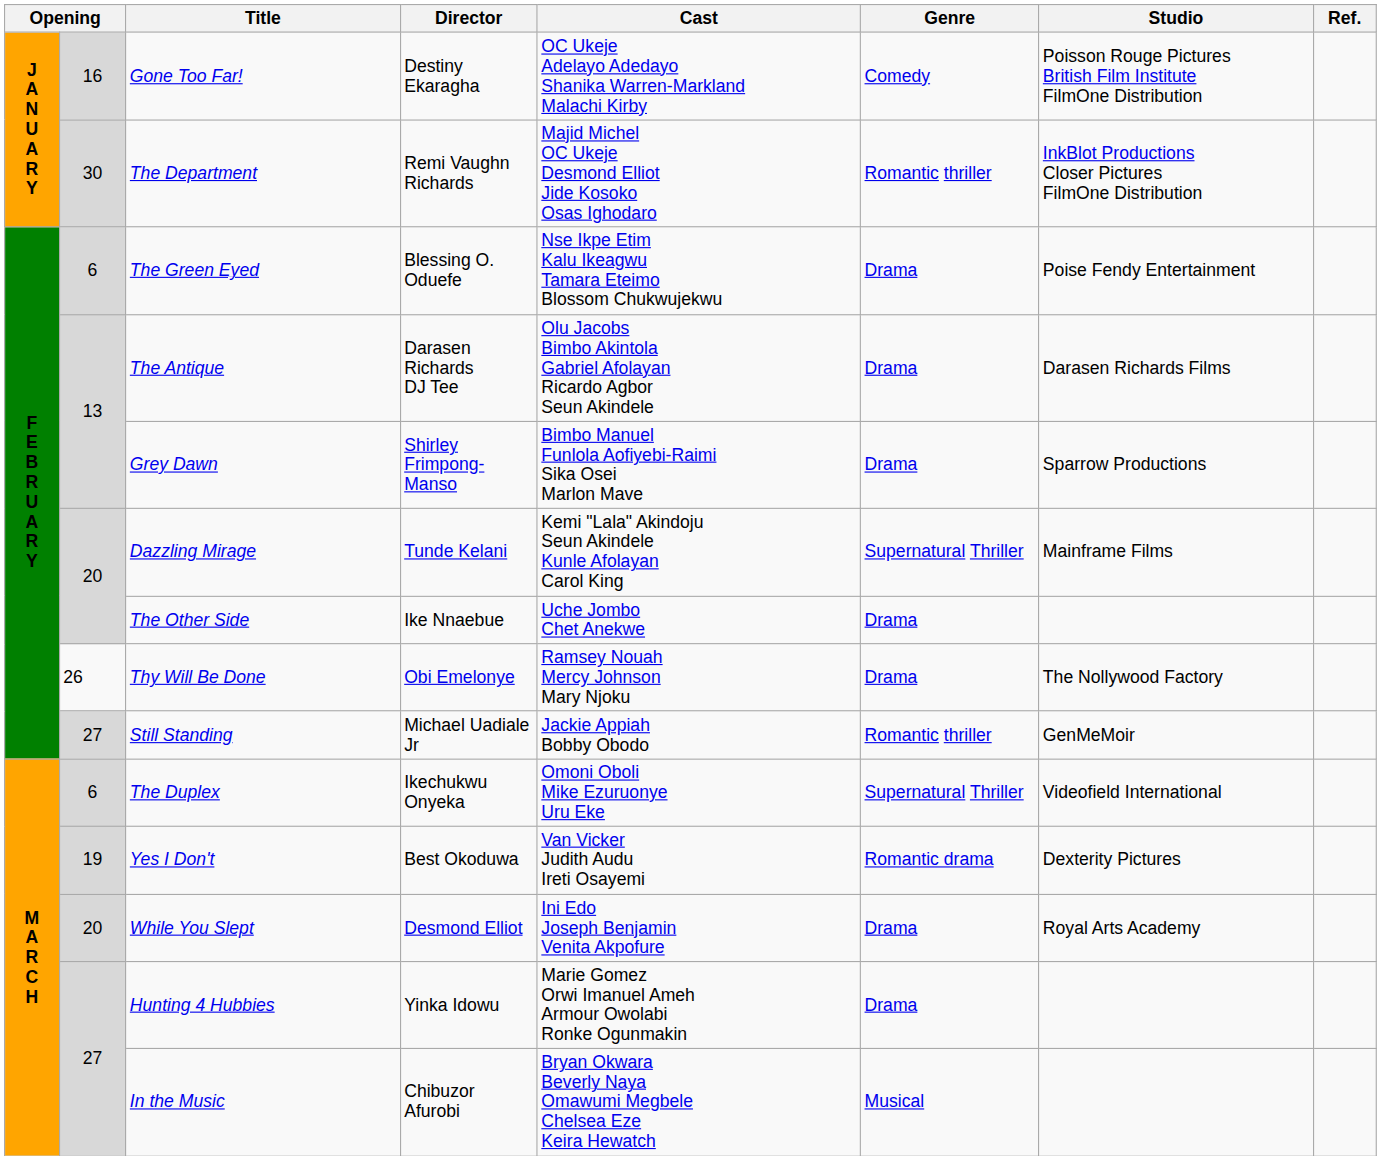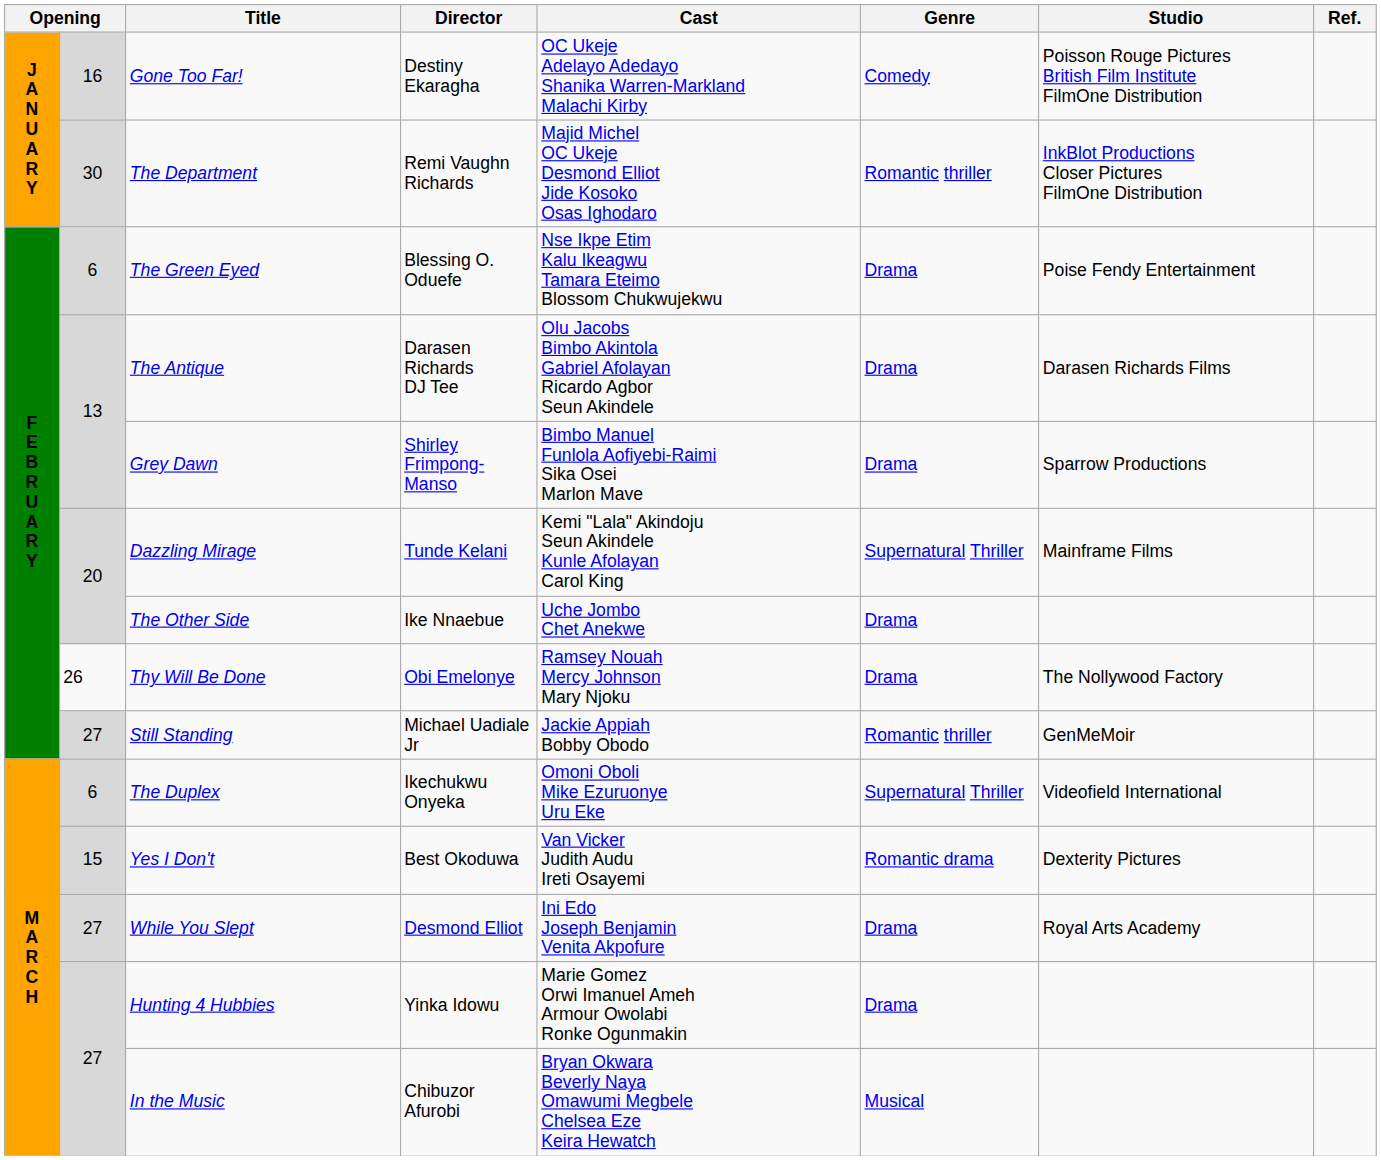 <table class="wikitable">
 <tr>
 <th colspan="2">Opening</th>
 <th style="width:20%;">Title</th>
 <th style="width:10%;">Director</th>
 <th>Cast</th>
 <th style="width:13%">Genre</th>
 <th style="width:20%">Studio</th>
 <th>Ref.</th>
 </tr>
 <tr>
 <td rowspan=2 style="text-align:center; background:orange; textcolor:#000;"><strong>J<br>A<br>N<br>U<br>A<br>R<br>Y<br></strong></td>
 <td rowspan=1 style="text-align:center; background:#d8d8d8; textcolor:#000;">16</td>
 <td><em><a href='#'>Gone Too Far!</a></em></td>
 <td>Destiny Ekaragha</td>
 <td><a href='#'>OC Ukeje</a><br><a href='#'>Adelayo Adedayo</a><br><a href='#'>Shanika Warren-Markland</a> <br> <a href='#'>Malachi Kirby</a></td>
 <td><a href='#'>Comedy</a></td>
 <td>Poisson Rouge Pictures <br> <a href='#'>British Film Institute</a> <br> FilmOne Distribution</td>
 <td></td>
 </tr>
 <tr>
 <td rowspan=1 style="text-align:center; background:#d8d8d8; textcolor:#000;">30</td>
 <td><em><a href='#'>The Department</a></em></td>
 <td>Remi Vaughn Richards</td>
 <td><a href='#'>Majid Michel</a><br><a href='#'>OC Ukeje</a><br><a href='#'>Desmond Elliot</a><br><a href='#'>Jide Kosoko</a><br><a href='#'>Osas Ighodaro</a></td>
 <td><a href='#'>Romantic</a> <a href='#'>thriller</a></td>
 <td><a href='#'>InkBlot Productions</a> <br> Closer Pictures <br> FilmOne Distribution</td>
 <td></td>
 </tr>
 <tr>
 <td rowspan=7 style="text-align:center; background:green; textcolor:#000;"><strong>F<br>E<br>B<br>R<br>U<br>A<br>R<br>Y<br></strong></td>
 <td rowspan=1 style="text-align:center; background:#d8d8d8; textcolor:#000;">6</td>
 <td><em><a href='#'>The Green Eyed</a></em></td>
 <td>Blessing O. Oduefe</td>
 <td><a href='#'>Nse Ikpe Etim</a><br><a href='#'>Kalu Ikeagwu</a><br><a href='#'>Tamara Eteimo</a> <br> Blossom Chukwujekwu</td>
 <td><a href='#'>Drama</a></td>
 <td>Poise Fendy Entertainment</td>
 <td></td>
 </tr>
 <tr>
 <td rowspan=2 style="text-align:center; background:#d8d8d8; textcolor:#000;">13</td>
 <td><em><a href='#'>The Antique</a></em></td>
 <td>Darasen Richards <br> DJ Tee</td>
 <td><a href='#'>Olu Jacobs</a><br><a href='#'>Bimbo Akintola</a><br><a href='#'>Gabriel Afolayan</a> <br> Ricardo Agbor <br> Seun Akindele</td>
 <td><a href='#'>Drama</a></td>
 <td>Darasen Richards Films</td>
 <td></td>
 </tr>
 <tr>
 <td><em><a href='#'>Grey Dawn</a></em></td>
 <td><a href='#'>Shirley Frimpong-Manso</a></td>
 <td><a href='#'>Bimbo Manuel</a><br><a href='#'>Funlola Aofiyebi-Raimi</a><br>Sika Osei<br> Marlon Mave</td>
 <td><a href='#'>Drama</a></td>
 <td>Sparrow Productions</td>
 <td></td>
 </tr>
 <tr>
 <td rowspan=2 style="text-align:center; background:#d8d8d8; textcolor:#000;">20</td>
 <td><em><a href='#'>Dazzling Mirage</a></em></td>
 <td><a href='#'>Tunde Kelani</a></td>
 <td>Kemi "Lala" Akindoju<br>Seun Akindele<br><a href='#'>Kunle Afolayan</a><br>Carol King</td>
 <td><a href='#'>Supernatural</a> <a href='#'>Thriller</a></td>
 <td>Mainframe Films</td>
 <td></td>
 </tr>
 <tr>
 <td><em><a href='#'>The Other Side</a></em></td>
 <td>Ike Nnaebue</td>
 <td><a href='#'>Uche Jombo</a><br><a href='#'>Chet Anekwe</a></td>
 <td><a href='#'>Drama</a></td>
 <td></td>
 <td></td>
 </tr>
 <tr>
 <td rowspan= style="text-align:center; background:#d8d8d8; textcolor:#000;">26</td>
 <td><em><a href='#'>Thy Will Be Done</a></em></td>
 <td><a href='#'>Obi Emelonye</a></td>
 <td><a href='#'>Ramsey Nouah</a><br><a href='#'>Mercy Johnson</a><br>Mary Njoku</td>
 <td><a href='#'>Drama</a></td>
 <td>The Nollywood Factory</td>
 <td></td>
 </tr>
 <tr>
 <td rowspan=1 style="text-align:center; background:#d8d8d8; textcolor:#000;">27</td>
 <td><em><a href='#'>Still Standing</a></em></td>
 <td>Michael Uadiale Jr</td>
 <td><a href='#'>Jackie Appiah</a><br>Bobby Obodo</td>
 <td><a href='#'>Romantic</a> <a href='#'>thriller</a></td>
 <td>GenMeMoir</td>
 <td></td>
 </tr>
 <tr>
 <td rowspan=5 style="text-align:center; background:orange; textcolor:#000;"><strong>M<br>A<br>R<br>C<br>H<br></strong></td>
 <td rowspan=1 style="text-align:center; background:#d8d8d8; textcolor:#000;">6</td>
 <td><em><a href='#'>The Duplex</a></em></td>
 <td>Ikechukwu Onyeka</td>
 <td><a href='#'>Omoni Oboli</a><br><a href='#'>Mike Ezuruonye</a><br><a href='#'>Uru Eke</a></td>
 <td><a href='#'>Supernatural</a> <a href='#'>Thriller</a></td>
 <td>Videofield International</td>
 <td></td>
 </tr>
 <tr>
-<td rowspan=1 style="text-align:center; background:#d8d8d8; textcolor:#000;">19</td>
+<td rowspan=1 style="text-align:center; background:#d8d8d8; textcolor:#000;">15</td>
 <td><em><a href='#'>Yes I Don't</a></em></td>
 <td>Best Okoduwa</td>
 <td><a href='#'>Van Vicker</a><br>Judith Audu<br>Ireti Osayemi</td>
 <td><a href='#'>Romantic drama</a></td>
 <td>Dexterity Pictures</td>
 <td></td>
 </tr>
 <tr>
-<td rowspan=1 style="text-align:center; background:#d8d8d8; textcolor:#000;">20</td>
+<td rowspan=1 style="text-align:center; background:#d8d8d8; textcolor:#000;">27</td>
 <td><em><a href='#'>While You Slept</a></em></td>
 <td><a href='#'>Desmond Elliot</a></td>
 <td><a href='#'>Ini Edo</a><br><a href='#'>Joseph Benjamin</a><br><a href='#'>Venita Akpofure</a></td>
 <td><a href='#'>Drama</a></td>
 <td>Royal Arts Academy</td>
 <td></td>
 </tr>
 <tr>
 <td rowspan=2 style="text-align:center; background:#d8d8d8; textcolor:#000;">27</td>
 <td><em><a href='#'>Hunting 4 Hubbies</a></em></td>
 <td>Yinka Idowu</td>
 <td>Marie Gomez<br>Orwi Imanuel Ameh<br>Armour Owolabi <br>Ronke Ogunmakin</td>
 <td><a href='#'>Drama</a></td>
 <td></td>
 <td></td>
 </tr>
 <tr>
 <td><em><a href='#'>In the Music</a></em></td>
 <td>Chibuzor Afurobi</td>
 <td><a href='#'>Bryan Okwara</a><br><a href='#'>Beverly Naya</a><br><a href='#'>Omawumi Megbele</a><br><a href='#'>Chelsea Eze</a><br><a href='#'>Keira Hewatch</a></td>
 <td><a href='#'>Musical</a></td>
 <td></td>
 <td></td>
 </tr>
 </table>
